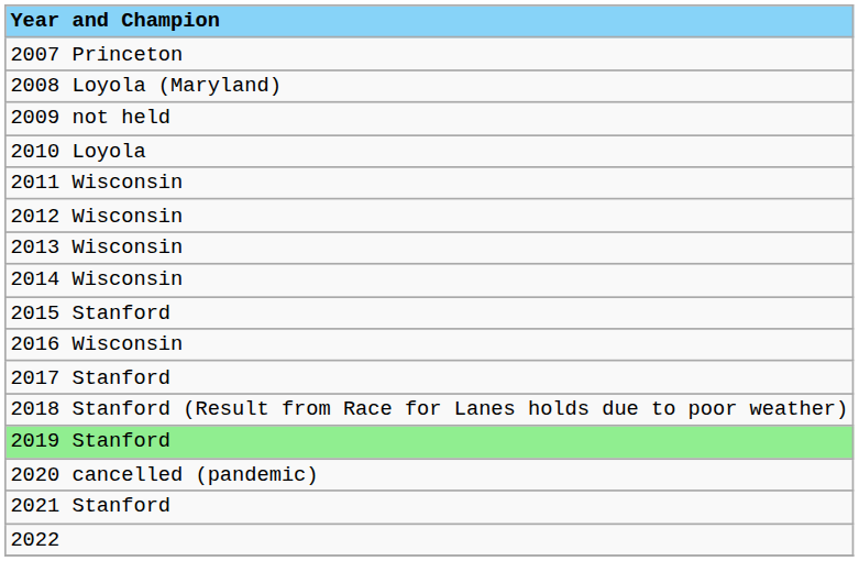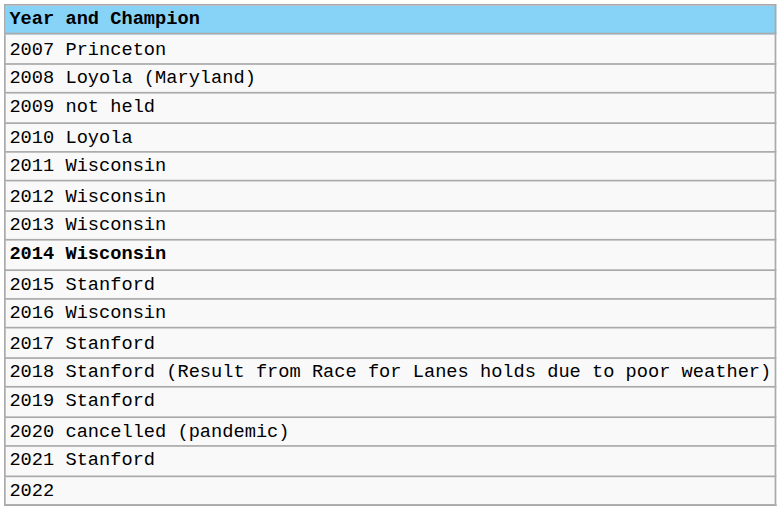 <table class="wikitable" style="font-size:85%;">
 <tr ! style="background-color: #87D3F8;">
 <td><strong>Year and Champion</strong></td>
 </tr>
 <tr --->
 <td>2007 Princeton</td>
 </tr>
 <tr --->
 <td>2008 Loyola (Maryland)</td>
 </tr>
 <tr --->
 <td>2009 not held</td>
 </tr>
 <tr --->
 <td>2010 Loyola</td>
 </tr>
 <tr --->
 <td>2011 Wisconsin</td>
 </tr>
 <tr --->
 <td>2012 Wisconsin</td>
 </tr>
 <tr --->
 <td>2013 Wisconsin</td>
 </tr>
 <tr --->
-<td>2014 Wisconsin</td>
+<td><strong>2014 Wisconsin</strong></td>
 </tr>
 <tr --->
 <td>2015 Stanford</td>
 </tr>
 <tr --->
 <td>2016 Wisconsin</td>
 </tr>
 <tr --->
 <td>2017 Stanford</td>
 </tr>
 <tr --->
 <td>2018 Stanford (Result from Race for Lanes holds due to poor weather)</td>
 </tr>
 <tr --->
-<td style="background: lightgreen;">2019 Stanford</td>
+<td>2019 Stanford</td>
 </tr>
 <tr --->
 <td>2020 cancelled (pandemic)</td>
 </tr>
 <tr --->
 <td>2021 Stanford</td>
 </tr>
 <tr --->
 <td>2022</td>
 </tr>
 <tr --->
 </tr>
 </table>
